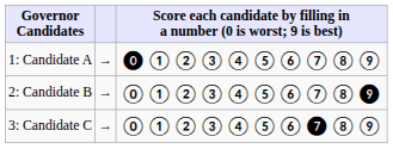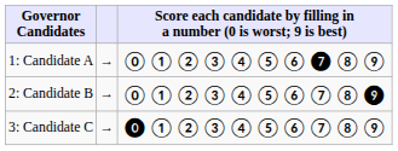 <table class="wikitable floatright">
 <tr>
 <th style="background-color:#e6e6ff">Governor<br>Candidates</th>
 <th style="background-color:#e6e6ff"></th>
 <th style="background-color:#e6e6ff">Score each candidate by filling in<br>a number (0 is worst; 9 is best)</th>
 </tr>
 <tr>
 <td>1: Candidate A</td>
 <td>→</td>
-<td style="font-size:17pt; font-family:Calibri"><span>⓿</span>①②③④⑤⑥⑦⑧⑨</td>
+<td style="font-size:17pt; font-family:Calibri">⓪①②③④⑤⑥<span>❼</span>⑧⑨</td>
 </tr>
 <tr>
 <td>2: Candidate B</td>
 <td>→</td>
 <td style="font-size:17pt; font-family:Calibri">⓪①②③④⑤⑥⑦⑧<span>❾</span></td>
 </tr>
 <tr>
 <td>3: Candidate C</td>
 <td>→</td>
-<td style="font-size:17pt; font-family:Calibri">⓪①②③④⑤⑥<span>❼</span>⑧⑨</td>
+<td style="font-size:17pt; font-family:Calibri"><span>⓿</span>①②③④⑤⑥⑦⑧⑨</td>
 </tr>
 </table>
